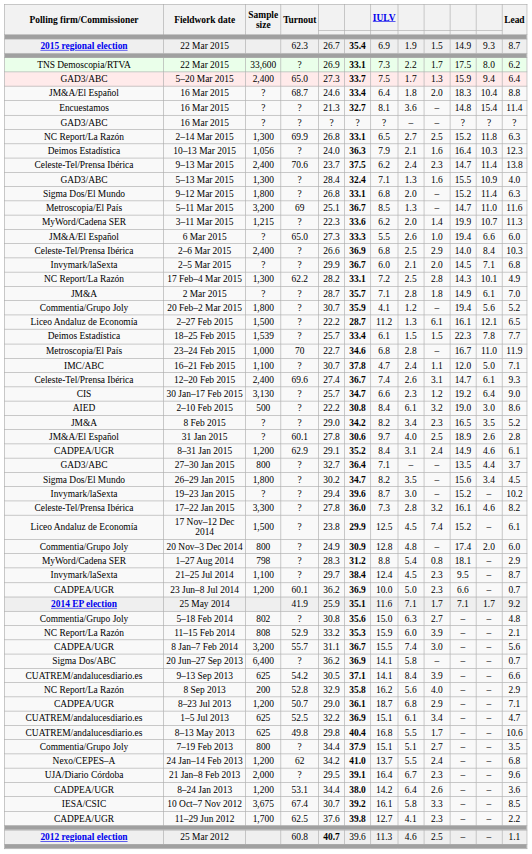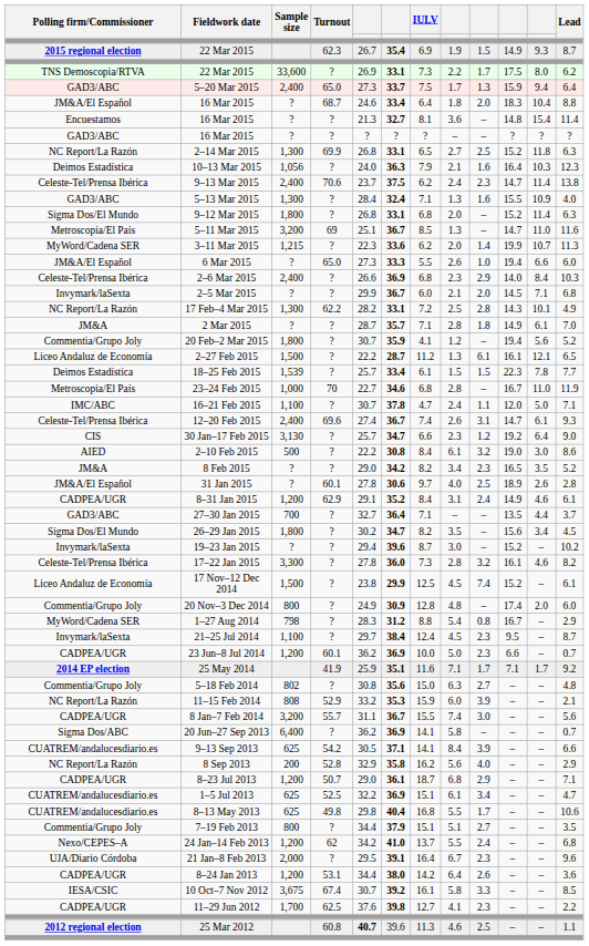 <table class="wikitable collapsible collapsed" style="text-align:center; font-size:95%; line-height:16px;">
 <tr style="height:42px;">
 <th style="width:250px;" rowspan="2">Polling firm/Commissioner</th>
 <th style="width:125px;" rowspan="2">Fieldwork date</th>
 <th style="width:50px;" rowspan="2">Sample size</th>
 <th style="width:45px;" rowspan="2">Turnout</th>
 <th style="width:35px;"></th>
 <th style="width:35px;"></th>
 <th style="width:35px;"><a href='#'>IULV</a></th>
 <th style="width:35px;"></th>
 <th style="width:35px;"></th>
 <th style="width:35px;"></th>
 <th style="width:35px;"></th>
 <th style="width:30px;" rowspan="2">Lead</th>
 </tr>
 <tr>
 <th style="color:inherit;background:"></th>
 <th style="color:inherit;background:"></th>
 <th style="color:inherit;background:"></th>
 <th style="color:inherit;background:"></th>
 <th style="color:inherit;background:"></th>
 <th style="color:inherit;background:"></th>
 <th style="color:inherit;background:"></th>
 </tr>
 <tr>
 <td colspan="12" style="background:#A0A0A0"></td>
 </tr>
 <tr style="background:#EFEFEF;">
 <td><strong><a href='#'>2015 regional election</a></strong></td>
 <td>22 Mar 2015</td>
 <td></td>
 <td>62.3</td>
 <td>26.7<br></td>
 <td><strong>35.4</strong><br></td>
 <td>6.9<br></td>
 <td>1.9<br></td>
 <td>1.5<br></td>
 <td>14.9<br></td>
 <td>9.3<br></td>
 <td style="background:">8.7</td>
 </tr>
 <tr>
 <td colspan="12" style="background:#A0A0A0"></td>
 </tr>
 <tr style="background:#EAFFEA;">
 <td>TNS Demoscopia/RTVA</td>
 <td>22 Mar 2015</td>
 <td>33,600</td>
 <td>?</td>
 <td>26.9<br></td>
 <td><strong>33.1</strong><br></td>
 <td>7.3<br></td>
 <td>2.2<br></td>
 <td>1.7<br></td>
 <td>17.5<br></td>
 <td>8.0<br></td>
 <td style="background:">6.2</td>
 </tr>
 <tr style="background:#FFEAEA;">
 <td>GAD3/ABC</td>
 <td>5–20 Mar 2015</td>
 <td>2,400</td>
 <td>65.0</td>
 <td>27.3<br></td>
 <td><strong>33.7</strong><br></td>
 <td>7.5<br></td>
 <td>1.7<br></td>
 <td>1.3<br></td>
 <td>15.9<br></td>
 <td>9.4<br></td>
 <td style="background:">6.4</td>
 </tr>
 <tr>
 <td>JM&A/El Español</td>
 <td>16 Mar 2015</td>
 <td>?</td>
 <td>68.7</td>
 <td>24.6<br></td>
 <td><strong>33.4</strong><br></td>
 <td>6.4<br></td>
 <td>1.8<br></td>
 <td>2.0<br></td>
 <td>18.3<br></td>
 <td>10.4<br></td>
 <td style="background:">8.8</td>
 </tr>
 <tr>
 <td>Encuestamos</td>
 <td>16 Mar 2015</td>
 <td>?</td>
 <td>?</td>
 <td>21.3<br></td>
 <td><strong>32.7</strong><br></td>
 <td>8.1<br></td>
 <td>3.6<br></td>
 <td>–</td>
 <td>14.8<br></td>
 <td>15.4<br></td>
 <td style="background:">11.4</td>
 </tr>
 <tr>
 <td>GAD3/ABC</td>
 <td>16 Mar 2015</td>
 <td>?</td>
 <td>?</td>
 <td>?<br></td>
 <td>?<br></td>
 <td>?<br></td>
 <td>–</td>
 <td>–</td>
 <td>?<br></td>
 <td>?<br></td>
 <td style="background:">?</td>
 </tr>
 <tr>
 <td>NC Report/La Razón</td>
 <td>2–14 Mar 2015</td>
 <td>1,300</td>
 <td>69.9</td>
 <td>26.8<br></td>
 <td><strong>33.1</strong><br></td>
 <td>6.5<br></td>
 <td>2.7<br></td>
 <td>2.5<br></td>
 <td>15.2<br></td>
 <td>11.8<br></td>
 <td style="background:">6.3</td>
 </tr>
 <tr>
 <td>Deimos Estadística</td>
 <td>10–13 Mar 2015</td>
 <td>1,056</td>
 <td>?</td>
 <td>24.0<br></td>
 <td><strong>36.3</strong><br></td>
 <td>7.9<br></td>
 <td>2.1<br></td>
 <td>1.6<br></td>
 <td>16.4<br></td>
 <td>10.3<br></td>
 <td style="background:">12.3</td>
 </tr>
 <tr>
 <td>Celeste-Tel/Prensa Ibérica</td>
 <td>9–13 Mar 2015</td>
 <td>2,400</td>
 <td>70.6</td>
 <td>23.7<br></td>
 <td><strong>37.5</strong><br></td>
 <td>6.2<br></td>
 <td>2.4<br></td>
 <td>2.3<br></td>
 <td>14.7<br></td>
 <td>11.4<br></td>
 <td style="background:">13.8</td>
 </tr>
 <tr>
 <td>GAD3/ABC</td>
 <td>5–13 Mar 2015</td>
 <td>1,300</td>
 <td>?</td>
 <td>28.4<br></td>
 <td><strong>32.4</strong><br></td>
 <td>7.1<br></td>
 <td>1.3<br></td>
 <td>1.6<br></td>
 <td>15.5<br></td>
 <td>10.9<br></td>
 <td style="background:">4.0</td>
 </tr>
 <tr>
 <td>Sigma Dos/El Mundo</td>
 <td>9–12 Mar 2015</td>
 <td>1,800</td>
 <td>?</td>
 <td>26.8<br></td>
 <td><strong>33.1</strong><br></td>
 <td>6.8<br></td>
 <td>2.0<br></td>
 <td>–</td>
 <td>15.2<br></td>
 <td>11.4<br></td>
 <td style="background:">6.3</td>
 </tr>
 <tr>
 <td>Metroscopia/El País</td>
 <td>5–11 Mar 2015</td>
 <td>3,200</td>
 <td>69</td>
 <td>25.1<br></td>
 <td><strong>36.7</strong><br></td>
 <td>8.5<br></td>
 <td>1.3<br></td>
 <td>–</td>
 <td>14.7<br></td>
 <td>11.0<br></td>
 <td style="background:">11.6</td>
 </tr>
 <tr>
 <td>MyWord/Cadena SER</td>
 <td>3–11 Mar 2015</td>
 <td>1,215</td>
 <td>?</td>
 <td>22.3<br></td>
 <td><strong>33.6</strong><br></td>
 <td>6.2<br></td>
 <td>2.0<br></td>
 <td>1.4<br></td>
 <td>19.9<br></td>
 <td>10.7<br></td>
 <td style="background:">11.3</td>
 </tr>
 <tr>
 <td>JM&A/El Español</td>
 <td>6 Mar 2015</td>
 <td>?</td>
 <td>65.0</td>
 <td>27.3<br></td>
 <td><strong>33.3</strong><br></td>
 <td>5.5<br></td>
 <td>2.6<br></td>
 <td>1.0<br></td>
 <td>19.4<br></td>
 <td>6.6<br></td>
 <td style="background:">6.0</td>
 </tr>
 <tr>
 <td>Celeste-Tel/Prensa Ibérica</td>
 <td>2–6 Mar 2015</td>
 <td>2,400</td>
 <td>?</td>
 <td>26.6<br></td>
 <td><strong>36.9</strong><br></td>
 <td>6.8<br></td>
-<td>2.5<br></td>
+<td>2.3<br></td>
 <td>2.9<br></td>
 <td>14.0<br></td>
 <td>8.4<br></td>
 <td style="background:">10.3</td>
 </tr>
 <tr>
 <td>Invymark/laSexta</td>
 <td>2–5 Mar 2015</td>
 <td>?</td>
 <td>?</td>
 <td>29.9</td>
 <td><strong>36.7</strong></td>
 <td>6.0</td>
 <td>2.1</td>
 <td>2.0</td>
 <td>14.5</td>
 <td>7.1</td>
 <td style="background:">6.8</td>
 </tr>
 <tr>
 <td>NC Report/La Razón</td>
 <td>17 Feb–4 Mar 2015</td>
 <td>1,300</td>
 <td>62.2</td>
 <td>28.2<br></td>
 <td><strong>33.1</strong><br></td>
 <td>7.2<br></td>
 <td>2.5<br></td>
 <td>2.8<br></td>
 <td>14.3<br></td>
 <td>10.1<br></td>
 <td style="background:">4.9</td>
 </tr>
 <tr>
 <td>JM&A</td>
 <td>2 Mar 2015</td>
 <td>?</td>
 <td>?</td>
 <td>28.7<br></td>
 <td><strong>35.7</strong><br></td>
 <td>7.1<br></td>
 <td>2.8<br></td>
 <td>1.8<br></td>
 <td>14.9<br></td>
 <td>6.1<br></td>
 <td style="background:">7.0</td>
 </tr>
 <tr>
 <td>Commentia/Grupo Joly</td>
 <td>20 Feb–2 Mar 2015</td>
 <td>1,800</td>
 <td>?</td>
 <td>30.7<br></td>
 <td><strong>35.9</strong><br></td>
 <td>4.1<br></td>
 <td>1.2<br></td>
 <td>–</td>
 <td>19.4<br></td>
 <td>5.6<br></td>
 <td style="background:">5.2</td>
 </tr>
 <tr>
 <td>Liceo Andaluz de Economía</td>
 <td>2–27 Feb 2015</td>
 <td>1,500</td>
 <td>?</td>
 <td>22.2<br></td>
 <td><strong>28.7</strong><br></td>
 <td>11.2<br></td>
 <td>1.3<br></td>
 <td>6.1<br></td>
 <td>16.1<br></td>
 <td>12.1<br></td>
 <td style="background:">6.5</td>
 </tr>
 <tr>
 <td>Deimos Estadística</td>
 <td>18–25 Feb 2015</td>
 <td>1,539</td>
 <td>?</td>
 <td>25.7<br></td>
 <td><strong>33.4</strong><br></td>
 <td>6.1<br></td>
 <td>1.5<br></td>
 <td>1.5<br></td>
 <td>22.3<br></td>
 <td>7.8<br></td>
 <td style="background:">7.7</td>
 </tr>
 <tr>
 <td>Metroscopia/El País</td>
 <td>23–24 Feb 2015</td>
 <td>1,000</td>
 <td>70</td>
 <td>22.7<br></td>
 <td><strong>34.6</strong><br></td>
 <td>6.8<br></td>
 <td>2.8<br></td>
 <td>–</td>
 <td>16.7<br></td>
 <td>11.0<br></td>
 <td style="background:">11.9</td>
 </tr>
 <tr>
 <td>IMC/ABC</td>
 <td>16–21 Feb 2015</td>
 <td>1,100</td>
 <td>?</td>
 <td>30.7<br></td>
 <td><strong>37.8</strong><br></td>
 <td>4.7<br></td>
 <td>2.4<br></td>
 <td>1.1<br></td>
 <td>12.0<br></td>
 <td>5.0<br></td>
 <td style="background:">7.1</td>
 </tr>
 <tr>
 <td>Celeste-Tel/Prensa Ibérica</td>
 <td>12–20 Feb 2015</td>
 <td>2,400</td>
 <td>69.6</td>
 <td>27.4<br></td>
 <td><strong>36.7</strong><br></td>
 <td>7.4<br></td>
 <td>2.6<br></td>
 <td>3.1<br></td>
 <td>14.7<br></td>
 <td>6.1<br></td>
 <td style="background:">9.3</td>
 </tr>
 <tr>
 <td>CIS</td>
 <td>30 Jan–17 Feb 2015</td>
 <td>3,130</td>
 <td>?</td>
 <td>25.7<br></td>
 <td><strong>34.7</strong><br></td>
 <td>6.6<br></td>
 <td>2.3<br></td>
 <td>1.2<br></td>
 <td>19.2<br></td>
 <td>6.4<br></td>
 <td style="background:">9.0</td>
 </tr>
 <tr>
 <td>AIED</td>
 <td>2–10 Feb 2015</td>
 <td>500</td>
 <td>?</td>
 <td>22.2<br></td>
 <td><strong>30.8</strong><br></td>
 <td>8.4<br></td>
 <td>6.1<br></td>
 <td>3.2<br></td>
 <td>19.0<br></td>
 <td>3.0<br></td>
 <td style="background:">8.6</td>
 </tr>
 <tr>
 <td>JM&A</td>
 <td>8 Feb 2015</td>
 <td>?</td>
 <td>?</td>
 <td>29.0<br></td>
 <td><strong>34.2</strong><br></td>
 <td>8.2<br></td>
 <td>3.4<br></td>
 <td>2.3<br></td>
 <td>16.5<br></td>
 <td>3.5<br></td>
 <td style="background:">5.2</td>
 </tr>
 <tr>
 <td>JM&A/El Español</td>
 <td>31 Jan 2015</td>
 <td>?</td>
 <td>60.1</td>
 <td>27.8<br></td>
 <td><strong>30.6</strong><br></td>
 <td>9.7<br></td>
 <td>4.0<br></td>
 <td>2.5<br></td>
 <td>18.9<br></td>
 <td>2.6<br></td>
 <td style="background:">2.8</td>
 </tr>
 <tr>
 <td>CADPEA/UGR</td>
 <td>8–31 Jan 2015</td>
 <td>1,200</td>
 <td>62.9</td>
 <td>29.1</td>
 <td><strong>35.2</strong></td>
 <td>8.4</td>
 <td>3.1</td>
 <td>2.4</td>
 <td>14.9</td>
 <td>4.6</td>
 <td style="background:">6.1</td>
 </tr>
 <tr>
 <td>GAD3/ABC</td>
 <td>27–30 Jan 2015</td>
-<td>800</td>
+<td>700</td>
 <td>?</td>
 <td>32.7<br></td>
 <td><strong>36.4</strong><br></td>
 <td>7.1<br></td>
 <td>–</td>
 <td>–</td>
 <td>13.5<br></td>
 <td>4.4<br></td>
 <td style="background:">3.7</td>
 </tr>
 <tr>
 <td>Sigma Dos/El Mundo</td>
 <td>26–29 Jan 2015</td>
 <td>1,800</td>
 <td>?</td>
 <td>30.2<br></td>
 <td><strong>34.7</strong><br></td>
 <td>8.2<br></td>
 <td>3.5<br></td>
 <td>–</td>
 <td>15.6<br></td>
 <td>3.4<br></td>
 <td style="background:">4.5</td>
 </tr>
 <tr>
 <td>Invymark/laSexta</td>
 <td>19–23 Jan 2015</td>
 <td>?</td>
 <td>?</td>
 <td>29.4</td>
 <td><strong>39.6</strong></td>
 <td>8.7</td>
 <td>3.0</td>
 <td>–</td>
 <td>15.2</td>
 <td>–</td>
 <td style="background:">10.2</td>
 </tr>
 <tr>
 <td>Celeste-Tel/Prensa Ibérica</td>
 <td>17–22 Jan 2015</td>
 <td>3,300</td>
 <td>?</td>
 <td>27.8<br></td>
 <td><strong>36.0</strong><br></td>
 <td>7.3<br></td>
 <td>2.8<br></td>
 <td>3.2<br></td>
 <td>16.1<br></td>
 <td>4.6<br></td>
 <td style="background:">8.2</td>
 </tr>
 <tr>
 <td>Liceo Andaluz de Economía</td>
 <td>17 Nov–12 Dec 2014</td>
 <td>1,500</td>
 <td>?</td>
 <td>23.8</td>
 <td><strong>29.9</strong></td>
 <td>12.5</td>
 <td>4.5</td>
 <td>7.4</td>
 <td>15.2</td>
 <td>–</td>
 <td style="background:">6.1</td>
 </tr>
 <tr>
 <td>Commentia/Grupo Joly</td>
 <td>20 Nov–3 Dec 2014</td>
 <td>800</td>
 <td>?</td>
 <td>24.9</td>
 <td><strong>30.9</strong></td>
 <td>12.8</td>
 <td>4.8</td>
 <td>–</td>
 <td>17.4</td>
 <td>2.0</td>
 <td style="background:">6.0</td>
 </tr>
 <tr>
 <td>MyWord/Cadena SER</td>
 <td>1–27 Aug 2014</td>
 <td>798</td>
 <td>?</td>
 <td>28.3</td>
 <td><strong>31.2</strong></td>
 <td>8.8</td>
 <td>5.4</td>
 <td>0.8</td>
-<td>18.1</td>
+<td>16.7<br></td>
 <td>–</td>
 <td style="background:">2.9</td>
 </tr>
 <tr>
 <td>Invymark/laSexta</td>
 <td>21–25 Jul 2014</td>
 <td>1,100</td>
 <td>?</td>
 <td>29.7</td>
 <td><strong>38.4</strong></td>
 <td>12.4</td>
 <td>4.5</td>
 <td>2.3</td>
 <td>9.5</td>
 <td>–</td>
 <td style="background:">8.7</td>
 </tr>
 <tr>
 <td>CADPEA/UGR</td>
 <td>23 Jun–8 Jul 2014</td>
 <td>1,200</td>
 <td>60.1</td>
 <td>36.2</td>
 <td><strong>36.9</strong></td>
 <td>10.0</td>
 <td>5.0</td>
 <td>2.3</td>
 <td>6.6</td>
 <td>–</td>
 <td style="background:">0.7</td>
 </tr>
 <tr style="background:#EFEFEF;">
 <td><strong><a href='#'>2014 EP election</a></strong></td>
 <td>25 May 2014</td>
 <td></td>
 <td>41.9</td>
 <td>25.9<br></td>
 <td><strong>35.1</strong><br></td>
 <td>11.6<br></td>
 <td>7.1<br></td>
 <td>1.7<br></td>
 <td>7.1<br></td>
 <td>1.7<br></td>
 <td style="background:">9.2</td>
 </tr>
 <tr>
 <td>Commentia/Grupo Joly</td>
 <td>5–18 Feb 2014</td>
 <td>802</td>
 <td>?</td>
 <td>30.8</td>
 <td><strong>35.6</strong></td>
 <td>15.0</td>
 <td>6.3</td>
 <td>2.7</td>
 <td>–</td>
 <td>–</td>
 <td style="background:">4.8</td>
 </tr>
 <tr>
 <td>NC Report/La Razón</td>
 <td>11–15 Feb 2014</td>
 <td>808</td>
 <td>52.9</td>
 <td>33.2<br></td>
 <td><strong>35.3</strong><br></td>
 <td>15.9<br></td>
 <td>6.0<br></td>
 <td>3.9<br></td>
 <td>–</td>
 <td>–</td>
 <td style="background:">2.1</td>
 </tr>
 <tr>
 <td>CADPEA/UGR</td>
 <td>8 Jan–7 Feb 2014</td>
 <td>3,200</td>
 <td>55.7</td>
 <td>31.1</td>
 <td><strong>36.7</strong></td>
 <td>15.5</td>
 <td>7.4</td>
 <td>3.0</td>
 <td>–</td>
 <td>–</td>
 <td style="background:">5.6</td>
 </tr>
 <tr>
 <td>Sigma Dos/ABC</td>
 <td>20 Jun–27 Sep 2013</td>
 <td>6,400</td>
 <td>?</td>
 <td>36.2<br></td>
 <td><strong>36.9</strong><br></td>
 <td>14.1<br></td>
 <td>5.8<br></td>
 <td>–</td>
 <td>–</td>
 <td>–</td>
 <td style="background:">0.7</td>
 </tr>
 <tr>
 <td>CUATREM/andalucesdiario.es</td>
 <td>9–13 Sep 2013</td>
 <td>625</td>
 <td>54.2</td>
 <td>30.5</td>
 <td><strong>37.1</strong></td>
 <td>14.1</td>
 <td>8.4</td>
 <td>3.9</td>
 <td>–</td>
 <td>–</td>
 <td style="background:">6.6</td>
 </tr>
 <tr>
 <td>NC Report/La Razón</td>
 <td>8 Sep 2013</td>
 <td>200</td>
 <td>52.8</td>
 <td>32.9<br></td>
 <td><strong>35.8</strong><br></td>
 <td>16.2<br></td>
 <td>5.6<br></td>
 <td>4.0<br></td>
 <td>–</td>
 <td>–</td>
 <td style="background:">2.9</td>
 </tr>
 <tr>
 <td>CADPEA/UGR</td>
 <td>8–23 Jul 2013</td>
 <td>1,200</td>
 <td>50.7</td>
 <td>29.0</td>
 <td><strong>36.1</strong></td>
 <td>18.7</td>
 <td>6.8</td>
 <td>2.9</td>
 <td>–</td>
 <td>–</td>
 <td style="background:">7.1</td>
 </tr>
 <tr>
 <td>CUATREM/andalucesdiario.es</td>
 <td>1–5 Jul 2013</td>
 <td>625</td>
 <td>52.5</td>
 <td>32.2</td>
 <td><strong>36.9</strong></td>
 <td>15.1</td>
 <td>6.1</td>
 <td>3.4</td>
 <td>–</td>
 <td>–</td>
 <td style="background:">4.7</td>
 </tr>
 <tr>
 <td>CUATREM/andalucesdiario.es</td>
 <td>8–13 May 2013</td>
 <td>625</td>
 <td>49.8</td>
 <td>29.8</td>
 <td><strong>40.4</strong></td>
 <td>16.8</td>
 <td>5.5</td>
 <td>1.7</td>
 <td>–</td>
 <td>–</td>
 <td style="background:">10.6</td>
 </tr>
 <tr>
 <td>Commentia/Grupo Joly</td>
 <td>7–19 Feb 2013</td>
 <td>800</td>
 <td>?</td>
 <td>34.4</td>
 <td><strong>37.9</strong></td>
 <td>15.1</td>
 <td>5.1</td>
 <td>2.7</td>
 <td>–</td>
 <td>–</td>
 <td style="background:">3.5</td>
 </tr>
 <tr>
 <td>Nexo/CEPES–A</td>
 <td>24 Jan–14 Feb 2013</td>
 <td>1,200</td>
 <td>62</td>
 <td>34.2<br></td>
 <td><strong>41.0</strong><br></td>
 <td>13.7<br></td>
 <td>5.5<br></td>
 <td>2.4<br></td>
 <td>–</td>
 <td>–</td>
 <td style="background:">6.8</td>
 </tr>
 <tr>
 <td>UJA/Diario Córdoba</td>
 <td>21 Jan–8 Feb 2013</td>
 <td>2,000</td>
 <td>?</td>
 <td>29.5</td>
 <td><strong>39.1</strong></td>
 <td>16.4</td>
 <td>6.7</td>
 <td>2.3</td>
 <td>–</td>
 <td>–</td>
 <td style="background:">9.6</td>
 </tr>
 <tr>
 <td>CADPEA/UGR</td>
 <td>8–24 Jan 2013</td>
 <td>1,200</td>
 <td>53.1</td>
 <td>34.4</td>
 <td><strong>38.0</strong></td>
 <td>14.2</td>
 <td>6.4</td>
 <td>2.6</td>
 <td>–</td>
 <td>–</td>
 <td style="background:">3.6</td>
 </tr>
 <tr>
 <td>IESA/CSIC</td>
 <td>10 Oct–7 Nov 2012</td>
 <td>3,675</td>
 <td>67.4</td>
 <td>30.7<br></td>
 <td><strong>39.2</strong><br></td>
 <td>16.1<br></td>
 <td>5.8<br></td>
 <td>3.3<br></td>
 <td>–</td>
 <td>–</td>
 <td style="background:">8.5</td>
 </tr>
 <tr>
 <td>CADPEA/UGR</td>
 <td>11–29 Jun 2012</td>
 <td>1,700</td>
 <td>62.5</td>
 <td>37.6</td>
 <td><strong>39.8</strong></td>
 <td>12.7</td>
 <td>4.1</td>
 <td>2.3</td>
 <td>–</td>
 <td>–</td>
 <td style="background:">2.2</td>
 </tr>
 <tr>
 <td colspan="12" style="background:#A0A0A0"></td>
 </tr>
 <tr style="background:#EFEFEF;">
 <td><strong><a href='#'>2012 regional election</a></strong></td>
 <td>25 Mar 2012</td>
 <td></td>
 <td>60.8</td>
 <td><strong>40.7</strong><br></td>
 <td>39.6<br></td>
 <td>11.3<br></td>
 <td>4.6<br></td>
 <td>2.5<br></td>
 <td>–</td>
 <td>–</td>
 <td style="background:">1.1</td>
 </tr>
 <tr>
 <td colspan="12" style="background:#A0A0A0"></td>
 </tr>
 </table>
